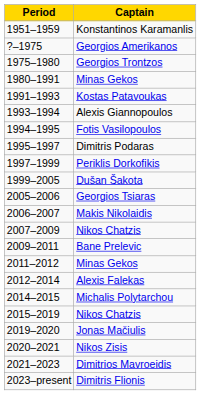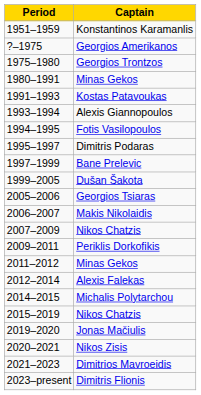 <table class="wikitable alternance">
 <tr>
 <th style="color:black; background:#FFD700;">Period</th>
 <th style="color:black; background:#FFD700;">Captain</th>
 </tr>
 <tr>
 <td align=left>1951–1959</td>
 <td align=left> Konstantinos Karamanlis</td>
 </tr>
 <tr>
 <td align=left>?–1975</td>
 <td align=left> <a href='#'>Georgios Amerikanos</a></td>
 </tr>
 <tr>
 <td align=left>1975–1980</td>
 <td align=left> <a href='#'>Georgios Trontzos</a></td>
 </tr>
 <tr>
 <td align=left>1980–1991</td>
 <td align=left> <a href='#'>Minas Gekos</a></td>
 </tr>
 <tr>
 <td align=left>1991–1993</td>
 <td align=left> <a href='#'>Kostas Patavoukas</a></td>
 </tr>
 <tr>
 <td align=left>1993–1994</td>
 <td align=left> Alexis Giannopoulos</td>
 </tr>
 <tr>
 <td align=left>1994–1995</td>
 <td align=left> <a href='#'>Fotis Vasilopoulos</a></td>
 </tr>
 <tr>
 <td align=left>1995–1997</td>
 <td align=left> Dimitris Podaras</td>
 </tr>
 <tr>
 <td align=left>1997–1999</td>
-<td align=left> <a href='#'>Periklis Dorkofikis</a></td>
+<td align=left> <a href='#'>Bane Prelevic</a></td>
 </tr>
 <tr>
 <td align=left>1999–2005</td>
 <td align=left> <a href='#'>Dušan Šakota</a></td>
 </tr>
 <tr>
 <td align=left>2005–2006</td>
 <td align=left> <a href='#'>Georgios Tsiaras</a></td>
 </tr>
 <tr>
 <td align=left>2006–2007</td>
 <td align=left> <a href='#'>Makis Nikolaidis</a></td>
 </tr>
 <tr>
 <td align=left>2007–2009</td>
 <td align=left> <a href='#'>Nikos Chatzis</a></td>
 </tr>
 <tr>
 <td align=left>2009–2011</td>
-<td align=left> <a href='#'>Bane Prelevic</a></td>
+<td align=left> <a href='#'>Periklis Dorkofikis</a></td>
 </tr>
 <tr>
 <td align=left>2011–2012</td>
 <td align=left> <a href='#'>Minas Gekos</a></td>
 </tr>
 <tr>
 <td align=left>2012–2014</td>
 <td align=left> <a href='#'>Alexis Falekas</a></td>
 </tr>
 <tr>
 <td align=left>2014–2015</td>
 <td align=left> <a href='#'>Michalis Polytarchou</a></td>
 </tr>
 <tr>
 <td align=left>2015–2019</td>
 <td align=left> <a href='#'>Nikos Chatzis</a></td>
 </tr>
 <tr>
 <td align=left>2019–2020</td>
 <td align=left> <a href='#'>Jonas Mačiulis</a></td>
 </tr>
 <tr>
 <td align=left>2020–2021</td>
 <td align=left> <a href='#'>Nikos Zisis</a></td>
 </tr>
 <tr>
 <td align=left>2021–2023</td>
 <td align=left> <a href='#'>Dimitrios Mavroeidis</a></td>
 </tr>
 <tr>
 <td align=left>2023–present</td>
 <td align=left> <a href='#'>Dimitris Flionis</a></td>
 </tr>
 </table>
